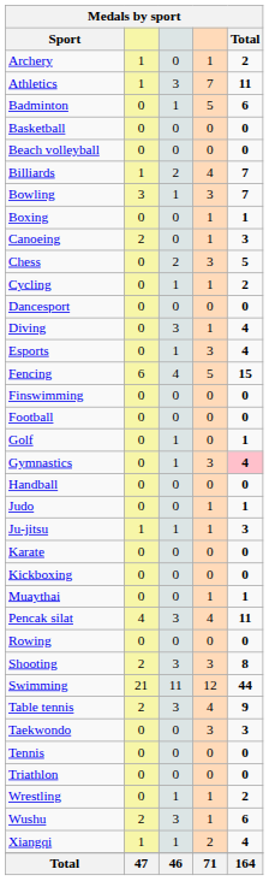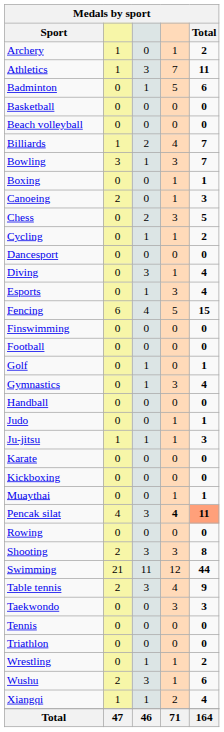 <table class="wikitable sortable" style="font-size:90%; text-align:center;">
 <tr>
 <th colspan=5>Medals by sport</th>
 </tr>
 <tr align=center>
 <th width=120>Sport</th>
 <th scope="col" width=30 style="background:#F7F6A8;"></th>
 <th scope="col" width=30 style="background:#DCE5E5;"></th>
 <th scope="col" width=30 style="background:#FFDAB9;"></th>
 <th width=30>Total</th>
 </tr>
 <tr align=center>
 <td align=left><a href='#'>Archery</a></td>
 <td style="background:#F7F6A8;">1</td>
 <td style="background:#DCE5E5;">0</td>
 <td style="background:#FFDAB9;">1</td>
 <td><strong>2</strong></td>
 </tr>
 <tr align=center>
 <td align=left><a href='#'>Athletics</a></td>
 <td style="background:#F7F6A8;">1</td>
 <td style="background:#DCE5E5;">3</td>
 <td style="background:#FFDAB9;">7</td>
 <td><strong>11</strong></td>
 </tr>
 <tr align=center>
 <td align=left><a href='#'>Badminton</a></td>
 <td style="background:#F7F6A8;">0</td>
 <td style="background:#DCE5E5;">1</td>
 <td style="background:#FFDAB9;">5</td>
 <td><strong>6</strong></td>
 </tr>
 <tr align=center>
 <td align=left><a href='#'>Basketball</a></td>
 <td style="background:#F7F6A8;">0</td>
 <td style="background:#DCE5E5;">0</td>
 <td style="background:#FFDAB9;">0</td>
 <td><strong>0</strong></td>
 </tr>
 <tr align=center>
 <td align=left><a href='#'>Beach volleyball</a></td>
 <td style="background:#F7F6A8;">0</td>
 <td style="background:#DCE5E5;">0</td>
 <td style="background:#FFDAB9;">0</td>
 <td><strong>0</strong></td>
 </tr>
 <tr align=center>
 <td align=left><a href='#'>Billiards</a></td>
 <td style="background:#F7F6A8;">1</td>
 <td style="background:#DCE5E5;">2</td>
 <td style="background:#FFDAB9;">4</td>
 <td><strong>7</strong></td>
 </tr>
 <tr align=center>
 <td align=left><a href='#'>Bowling</a></td>
 <td style="background:#F7F6A8;">3</td>
 <td style="background:#DCE5E5;">1</td>
 <td style="background:#FFDAB9;">3</td>
 <td><strong>7</strong></td>
 </tr>
 <tr align=center>
 <td align=left><a href='#'>Boxing</a></td>
 <td style="background:#F7F6A8;">0</td>
 <td style="background:#DCE5E5;">0</td>
 <td style="background:#FFDAB9;">1</td>
 <td><strong>1</strong></td>
 </tr>
 <tr align=center>
 <td align=left><a href='#'>Canoeing</a></td>
 <td style="background:#F7F6A8;">2</td>
 <td style="background:#DCE5E5;">0</td>
 <td style="background:#FFDAB9;">1</td>
 <td><strong>3</strong></td>
 </tr>
 <tr align=center>
 <td align=left><a href='#'>Chess</a></td>
 <td style="background:#F7F6A8;">0</td>
 <td style="background:#DCE5E5;">2</td>
 <td style="background:#FFDAB9;">3</td>
 <td><strong>5</strong></td>
 </tr>
 <tr align=center>
 <td align=left><a href='#'>Cycling</a></td>
 <td style="background:#F7F6A8;">0</td>
 <td style="background:#DCE5E5;">1</td>
 <td style="background:#FFDAB9;">1</td>
 <td><strong>2</strong></td>
 </tr>
 <tr align=center>
 <td align=left><a href='#'>Dancesport</a></td>
 <td style="background:#F7F6A8;">0</td>
 <td style="background:#DCE5E5;">0</td>
 <td style="background:#FFDAB9;">0</td>
 <td><strong>0</strong></td>
 </tr>
 <tr align=center>
 <td align=left><a href='#'>Diving</a></td>
 <td style="background:#F7F6A8;">0</td>
 <td style="background:#DCE5E5;">3</td>
 <td style="background:#FFDAB9;">1</td>
 <td><strong>4</strong></td>
 </tr>
 <tr align=center>
 <td align=left><a href='#'>Esports</a></td>
 <td style="background:#F7F6A8;">0</td>
 <td style="background:#DCE5E5;">1</td>
 <td style="background:#FFDAB9;">3</td>
 <td><strong>4</strong></td>
 </tr>
 <tr align=center>
 <td align=left><a href='#'>Fencing</a></td>
 <td style="background:#F7F6A8;">6</td>
 <td style="background:#DCE5E5;">4</td>
 <td style="background:#FFDAB9;">5</td>
 <td><strong>15</strong></td>
 </tr>
 <tr align=center>
 <td align=left><a href='#'>Finswimming</a></td>
 <td style="background:#F7F6A8;">0</td>
 <td style="background:#DCE5E5;">0</td>
 <td style="background:#FFDAB9;">0</td>
 <td><strong>0</strong></td>
 </tr>
 <tr align=center>
 <td align=left><a href='#'>Football</a></td>
 <td style="background:#F7F6A8;">0</td>
 <td style="background:#DCE5E5;">0</td>
 <td style="background:#FFDAB9;">0</td>
 <td><strong>0</strong></td>
 </tr>
 <tr align=center>
 <td align=left><a href='#'>Golf</a></td>
 <td style="background:#F7F6A8;">0</td>
 <td style="background:#DCE5E5;">1</td>
 <td style="background:#FFDAB9;">0</td>
 <td><strong>1</strong></td>
 </tr>
 <tr align=center>
 <td align=left><a href='#'>Gymnastics</a></td>
 <td style="background:#F7F6A8;">0</td>
 <td style="background:#DCE5E5;">1</td>
 <td style="background:#FFDAB9;">3</td>
-<td style="background: pink;"><strong>4</strong></td>
+<td><strong>4</strong></td>
 </tr>
 <tr align=center>
 <td align=left><a href='#'>Handball</a></td>
 <td style="background:#F7F6A8;">0</td>
 <td style="background:#DCE5E5;">0</td>
 <td style="background:#FFDAB9;">0</td>
 <td><strong>0</strong></td>
 </tr>
 <tr align=center>
 <td align=left><a href='#'>Judo</a></td>
 <td style="background:#F7F6A8;">0</td>
 <td style="background:#DCE5E5;">0</td>
 <td style="background:#FFDAB9;">1</td>
 <td><strong>1</strong></td>
 </tr>
 <tr align=center>
 <td align=left><a href='#'>Ju-jitsu</a></td>
 <td style="background:#F7F6A8;">1</td>
 <td style="background:#DCE5E5;">1</td>
 <td style="background:#FFDAB9;">1</td>
 <td><strong>3</strong></td>
 </tr>
 <tr align=center>
 <td align=left><a href='#'>Karate</a></td>
 <td style="background:#F7F6A8;">0</td>
 <td style="background:#DCE5E5;">0</td>
 <td style="background:#FFDAB9;">0</td>
 <td><strong>0</strong></td>
 </tr>
 <tr align=center>
 <td align=left><a href='#'>Kickboxing</a></td>
 <td style="background:#F7F6A8;">0</td>
 <td style="background:#DCE5E5;">0</td>
 <td style="background:#FFDAB9;">0</td>
 <td><strong>0</strong></td>
 </tr>
 <tr align=center>
 <td align=left><a href='#'>Muaythai</a></td>
 <td style="background:#F7F6A8;">0</td>
 <td style="background:#DCE5E5;">0</td>
 <td style="background:#FFDAB9;">1</td>
 <td><strong>1</strong></td>
 </tr>
 <tr align=center>
 <td align=left><a href='#'>Pencak silat</a></td>
 <td style="background:#F7F6A8;">4</td>
 <td style="background:#DCE5E5;">3</td>
-<td style="background:#FFDAB9;">4</td>
-<td><strong>11</strong></td>
+<td style="background:#FFDAB9;"><strong>4</strong></td>
+<td style="background: lightsalmon;"><strong>11</strong></td>
 </tr>
 <tr align=center>
 <td align=left><a href='#'>Rowing</a></td>
 <td style="background:#F7F6A8;">0</td>
 <td style="background:#DCE5E5;">0</td>
 <td style="background:#FFDAB9;">0</td>
 <td><strong>0</strong></td>
 </tr>
 <tr align=center>
 <td align=left><a href='#'>Shooting</a></td>
 <td style="background:#F7F6A8;">2</td>
 <td style="background:#DCE5E5;">3</td>
 <td style="background:#FFDAB9;">3</td>
 <td><strong>8</strong></td>
 </tr>
 <tr align=center>
 <td align=left><a href='#'>Swimming</a></td>
 <td style="background:#F7F6A8;">21</td>
 <td style="background:#DCE5E5;">11</td>
 <td style="background:#FFDAB9;">12</td>
 <td><strong>44</strong></td>
 </tr>
 <tr align=center>
 <td align=left><a href='#'>Table tennis</a></td>
 <td style="background:#F7F6A8;">2</td>
 <td style="background:#DCE5E5;">3</td>
 <td style="background:#FFDAB9;">4</td>
 <td><strong>9</strong></td>
 </tr>
 <tr align=center>
 <td align=left><a href='#'>Taekwondo</a></td>
 <td style="background:#F7F6A8;">0</td>
 <td style="background:#DCE5E5;">0</td>
 <td style="background:#FFDAB9;">3</td>
 <td><strong>3</strong></td>
 </tr>
 <tr align=center>
 <td align=left><a href='#'>Tennis</a></td>
 <td style="background:#F7F6A8;">0</td>
 <td style="background:#DCE5E5;">0</td>
 <td style="background:#FFDAB9;">0</td>
 <td><strong>0</strong></td>
 </tr>
 <tr align=center>
 <td align=left><a href='#'>Triathlon</a></td>
 <td style="background:#F7F6A8;">0</td>
 <td style="background:#DCE5E5;">0</td>
 <td style="background:#FFDAB9;">0</td>
 <td><strong>0</strong></td>
 </tr>
 <tr align=center>
 <td align=left><a href='#'>Wrestling</a></td>
 <td style="background:#F7F6A8;">0</td>
 <td style="background:#DCE5E5;">1</td>
 <td style="background:#FFDAB9;">1</td>
 <td><strong>2</strong></td>
 </tr>
 <tr align=center>
 <td align=left><a href='#'>Wushu</a></td>
 <td style="background:#F7F6A8;">2</td>
 <td style="background:#DCE5E5;">3</td>
 <td style="background:#FFDAB9;">1</td>
 <td><strong>6</strong></td>
 </tr>
 <tr align=center>
 <td align=left><a href='#'>Xiangqi</a></td>
 <td style="background:#F7F6A8;">1</td>
 <td style="background:#DCE5E5;">1</td>
 <td style="background:#FFDAB9;">2</td>
 <td><strong>4</strong></td>
 </tr>
 <tr align=center>
 </tr>
 <tr class="sortbottom">
 <th>Total</th>
 <th>47</th>
 <th>46</th>
 <th>71</th>
 <th>164</th>
 </tr>
 </table>
